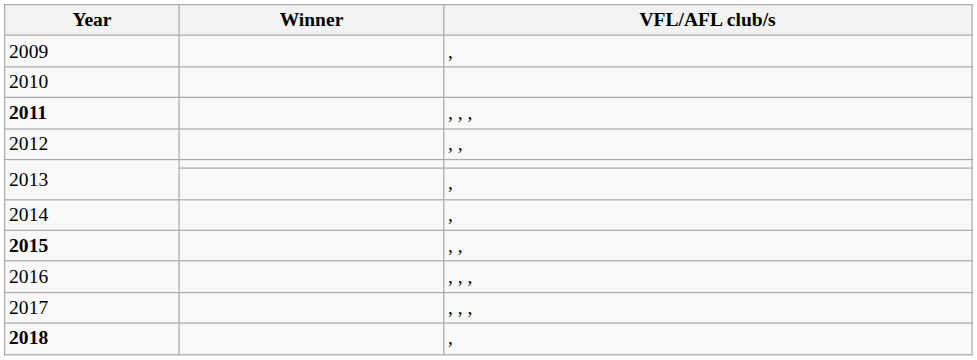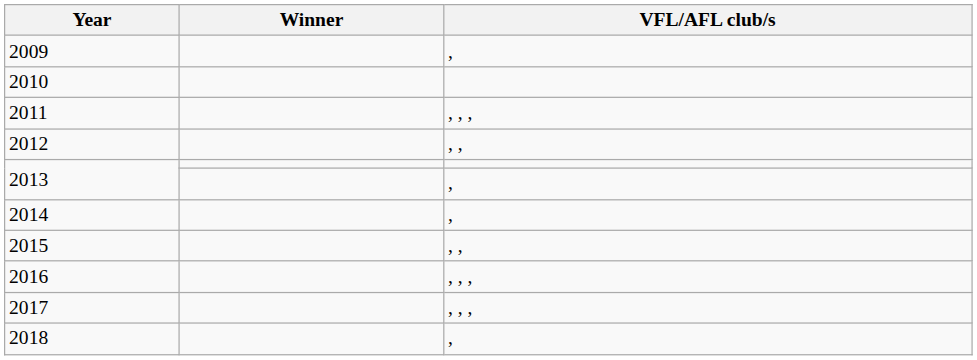 <table class="wikitable sortable" width="40%">
 <tr bgcolor="#efefef">
 <th>Year</th>
 <th>Winner</th>
 <th>VFL/AFL club/s</th>
 </tr>
 <tr>
 <td>2009</td>
 <td></td>
 <td>, </td>
 </tr>
 <tr>
 <td>2010</td>
 <td></td>
 <td></td>
 </tr>
 <tr>
-<td><strong>2011</strong></td>
+<td>2011</td>
 <td></td>
 <td>, , , </td>
 </tr>
 <tr>
 <td>2012</td>
 <td></td>
 <td>, , </td>
 </tr>
 <tr>
 <td rowspan=2>2013</td>
 <td></td>
 <td></td>
 </tr>
 <tr>
 <td></td>
 <td>, </td>
 </tr>
 <tr>
 <td>2014</td>
 <td></td>
 <td>, </td>
 </tr>
 <tr>
-<td><strong>2015</strong></td>
+<td>2015</td>
 <td></td>
 <td>, , </td>
 </tr>
 <tr>
 <td>2016</td>
 <td></td>
 <td>, , , </td>
 </tr>
 <tr>
 <td>2017</td>
 <td></td>
 <td>, , , </td>
 </tr>
 <tr>
-<td><strong>2018</strong></td>
+<td>2018</td>
 <td></td>
 <td>, </td>
 </tr>
 </table>
